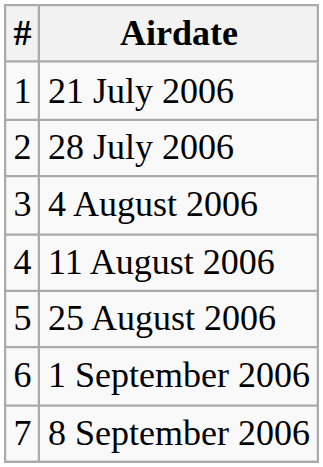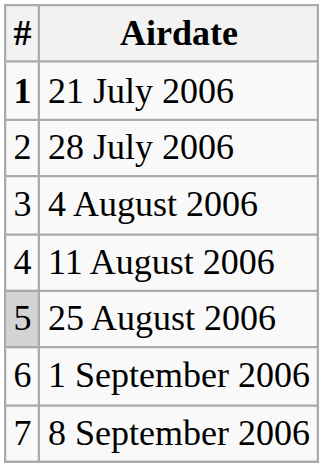 <table class="wikitable sortable">
 <tr>
 <th>#</th>
 <th>Airdate</th>
 </tr>
 <tr>
-<td>1</td>
+<td><strong>1</strong></td>
 <td>21 July 2006</td>
 </tr>
 <tr>
 <td>2</td>
 <td>28 July 2006</td>
 </tr>
 <tr>
 <td>3</td>
 <td>4 August 2006</td>
 </tr>
 <tr>
 <td>4</td>
 <td>11 August 2006</td>
 </tr>
 <tr>
-<td>5</td>
+<td style="background: lightgrey;">5</td>
 <td>25 August 2006</td>
 </tr>
 <tr>
 <td>6</td>
 <td>1 September 2006</td>
 </tr>
 <tr>
 <td>7</td>
 <td>8 September 2006</td>
 </tr>
 <tr>
 </tr>
 </table>
